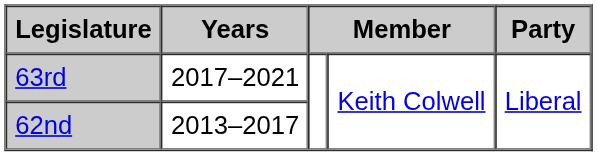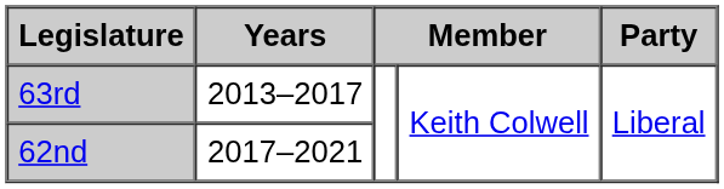 <table border=1 cellpadding=5 cellspacing=0>
 <tr bgcolor="CCCCCC">
 <th>Legislature</th>
 <th>Years</th>
 <th colspan="2">Member</th>
 <th>Party</th>
 </tr>
 <tr>
 <td bgcolor="CCCCCC"><a href='#'>63rd</a></td>
-<td>2017–2021</td>
+<td>2013–2017</td>
 <td rowspan=2 ></td>
 <td rowspan=2><a href='#'>Keith Colwell</a></td>
 <td rowspan=2><a href='#'>Liberal</a></td>
 </tr>
 <tr>
 <td bgcolor="CCCCCC"><a href='#'>62nd</a></td>
-<td>2013–2017</td>
+<td>2017–2021</td>
 </tr>
 <tr>
 </tr>
 </table>
